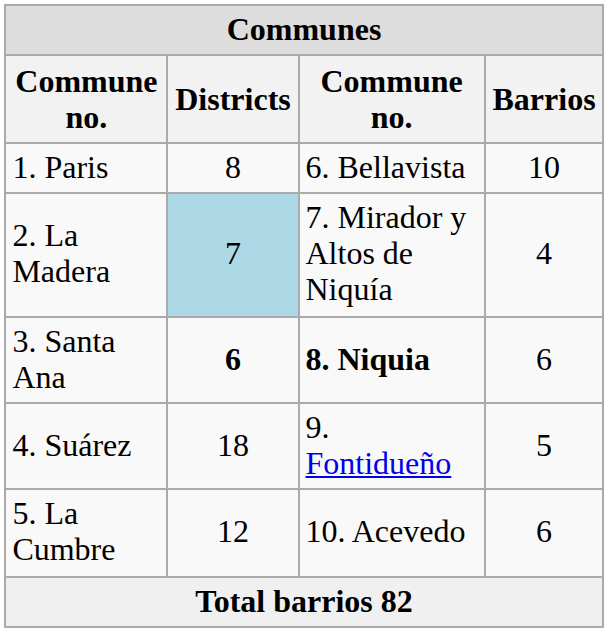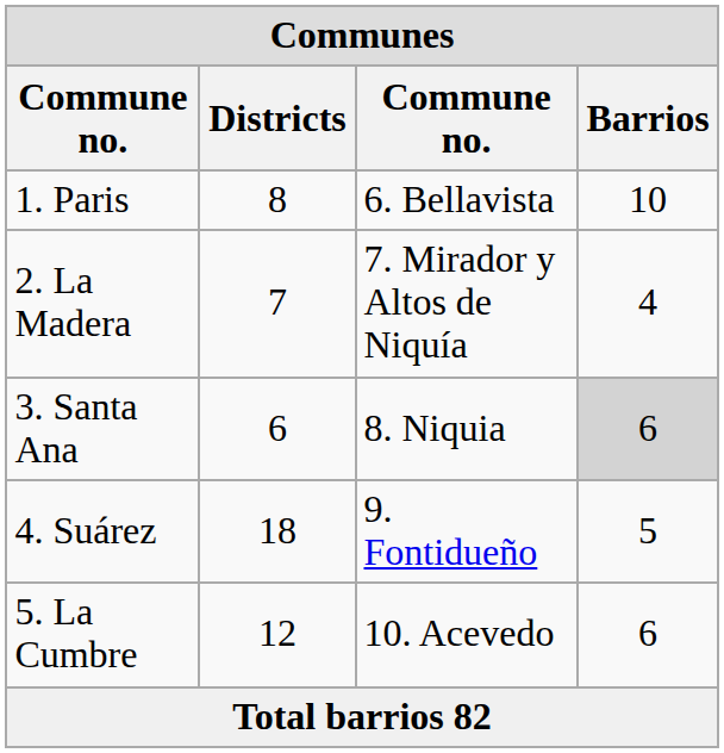 <table class="wikitable" style="width:300px">
 <tr>
 <th colspan="4"  style="background: #DDDDDD;">Communes</th>
 </tr>
 <tr>
 <th>Commune no.</th>
 <th>Districts</th>
 <th>Commune no.</th>
 <th>Barrios</th>
 </tr>
 <tr>
 <td>1. Paris</td>
 <td align=center>8</td>
 <td>6. Bellavista</td>
 <td align=center>10</td>
 </tr>
 <tr>
 <td>2. La Madera</td>
-<td align=center style="background: lightblue;">7</td>
+<td align=center>7</td>
 <td>7. Mirador y Altos de Niquía</td>
 <td align=center>4</td>
 </tr>
 <tr>
 <td>3. Santa Ana</td>
-<td align=center><strong>6</strong></td>
-<td><strong>8. Niquia</strong></td>
 <td align=center>6</td>
+<td>8. Niquia</td>
+<td align=center style="background: lightgrey;">6</td>
 </tr>
 <tr>
 <td>4. Suárez</td>
 <td align=center>18</td>
 <td>9. <a href='#'>Fontidueño</a></td>
 <td align=center>5</td>
 </tr>
 <tr>
 <td>5. La Cumbre</td>
 <td align=center>12</td>
 <td>10. Acevedo</td>
 <td align=center>6</td>
 </tr>
 <tr>
 <th colspan="4" style="background: #F0F0F0;">Total barrios 82</th>
 </tr>
 </table>
